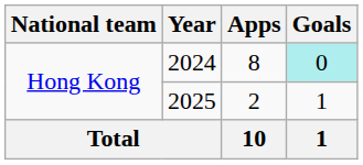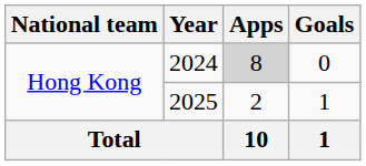 <table class="wikitable" style="text-align:center">
 <tr>
 <th>National team</th>
 <th>Year</th>
 <th>Apps</th>
 <th>Goals</th>
 </tr>
 <tr>
 <td rowspan="2"><a href='#'>Hong Kong</a></td>
 <td>2024</td>
-<td>8</td>
-<td style="background: paleturquoise;">0</td>
+<td style="background: lightgrey;">8</td>
+<td>0</td>
 </tr>
 <tr>
 <td>2025</td>
 <td>2</td>
 <td>1</td>
 </tr>
 <tr>
 <th colspan="2">Total</th>
 <th>10</th>
 <th>1</th>
 </tr>
 </table>
